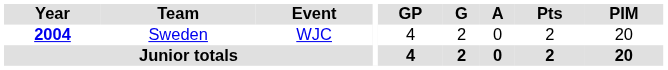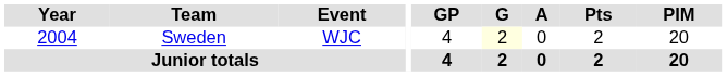 <table border="0" cellpadding="1" cellspacing="0" ID="Table3" style="text-align:center; width:40em">
 <tr ALIGN="center" bgcolor="#e0e0e0">
 <th>Year</th>
 <th>Team</th>
 <th>Event</th>
 <th rowspan="99" bgcolor="#ffffff"></th>
 <th>GP</th>
 <th>G</th>
 <th>A</th>
 <th>Pts</th>
 <th>PIM</th>
 </tr>
 <tr>
-<td><strong><a href='#'>2004</a></strong></td>
+<td><a href='#'>2004</a></td>
 <td><a href='#'>Sweden</a></td>
 <td><a href='#'>WJC</a></td>
 <td>4</td>
-<td>2</td>
+<td style="background: lightyellow;">2</td>
 <td>0</td>
 <td>2</td>
 <td>20</td>
 </tr>
 <tr bgcolor="#e0e0e0">
 <th colspan="3">Junior totals</th>
 <th>4</th>
 <th>2</th>
 <th>0</th>
 <th>2</th>
 <th>20</th>
 </tr>
 </table>
